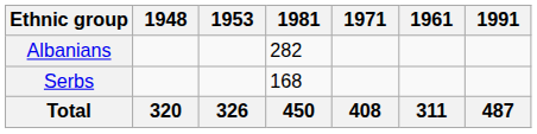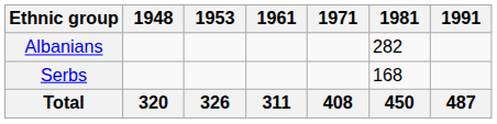 <table class="wikitable" border="1">
 <tr>
 <th>Ethnic group</th>
 <th style=width:3em>1948</th>
 <th style=width:3em>1953</th>
+<th style=width:3em>1961</th>
+<th style=width:3em>1971</th>
 <th style=width:3em>1981</th>
-<th style=width:3em>1971</th>
-<th style=width:3em>1961</th>
 <th style=width:3em>1991</th>
 </tr>
 <tr>
 <th style=font-weight:300><a href='#'>Albanians</a></th>
 <td></td>
 <td></td>
-<td>282</td>
 <td></td>
 <td></td>
+<td>282</td>
 <td></td>
 </tr>
 <tr>
 <th style=font-weight:300><a href='#'>Serbs</a></th>
 <td></td>
 <td></td>
-<td>168</td>
 <td></td>
 <td></td>
+<td>168</td>
 <td></td>
 </tr>
 <tr>
 <th>Total</th>
 <th>320</th>
 <th>326</th>
+<th>311</th>
+<th>408</th>
 <th>450</th>
-<th>408</th>
-<th>311</th>
 <th>487</th>
 </tr>
 </table>
